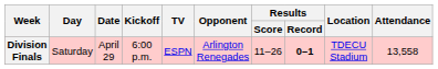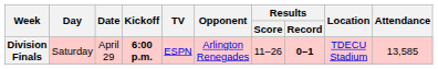 <table class="wikitable" style="text-align:center; font-size: 95%;">
 <tr>
 <th rowspan="2" width="40">Week</th>
 <th rowspan="2" width="80">Day</th>
 <th rowspan="2" width="90">Date</th>
 <th rowspan="2" width="90">Kickoff</th>
 <th rowspan="2" width="60">TV</th>
 <th rowspan="2" width="200">Opponent</th>
 <th colspan="2" width="200">Results</th>
 <th rowspan="2" width="200">Location</th>
 <th rowspan="2">Attendance</th>
 </tr>
 <tr>
 <th width="60">Score</th>
 <th width="60">Record</th>
 </tr>
 <tr style="background:#ffcccc">
 <th>Division Finals</th>
 <td>Saturday</td>
 <td>April 29</td>
-<td>6:00 p.m.</td>
+<td><strong>6:00 p.m.</strong></td>
 <td><a href='#'>ESPN</a></td>
 <td><a href='#'>Arlington Renegades</a></td>
 <td>11–26</td>
 <td><strong>0–1</strong></td>
 <td><a href='#'>TDECU Stadium</a></td>
-<td>13,558</td>
+<td>13,585</td>
 </tr>
 </table>
